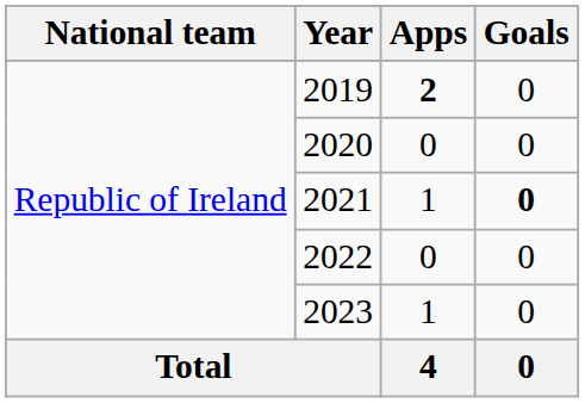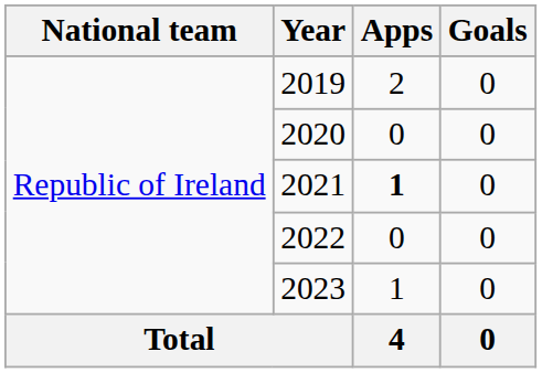 <table class=wikitable style=text-align:center>
 <tr>
 <th>National team</th>
 <th>Year</th>
 <th>Apps</th>
 <th>Goals</th>
 </tr>
 <tr>
 <td rowspan="5"><a href='#'>Republic of Ireland</a></td>
 <td>2019</td>
-<td><strong>2</strong></td>
+<td>2</td>
 <td>0</td>
 </tr>
 <tr>
 <td>2020</td>
 <td>0</td>
 <td>0</td>
 </tr>
 <tr>
 <td>2021</td>
-<td>1</td>
-<td><strong>0</strong></td>
+<td><strong>1</strong></td>
+<td>0</td>
 </tr>
 <tr>
 <td>2022</td>
 <td>0</td>
 <td>0</td>
 </tr>
 <tr>
 <td>2023</td>
 <td>1</td>
 <td>0</td>
 </tr>
 <tr>
 <th colspan="2">Total</th>
 <th>4</th>
 <th>0</th>
 </tr>
 </table>
